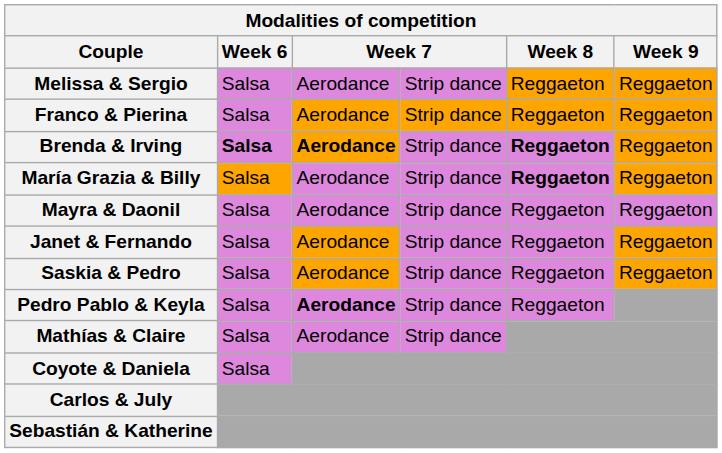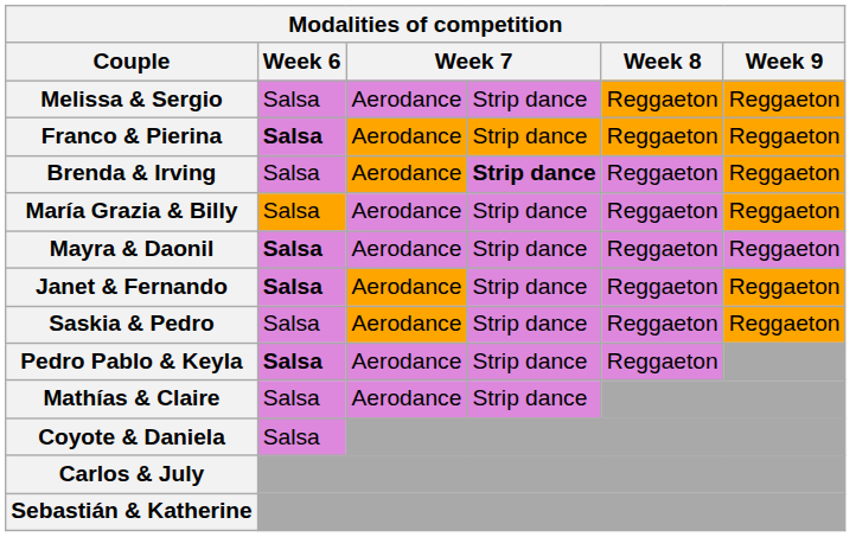 <table class="wikitable collapsible collapsed" style="text-align:left; font-size:85%; line-height:16px;">
 <tr>
 <th colspan=7>Modalities of competition</th>
 </tr>
 <tr>
 <th>Couple</th>
 <th>Week 6</th>
 <th colspan=2>Week 7</th>
 <th>Week 8</th>
 <th>Week 9</th>
 </tr>
 <tr>
 <th>Melissa & Sergio</th>
 <td style="background:#dd88dd;">Salsa<br></td>
 <td style="background:#dd88dd;">Aerodance</td>
 <td style="background:#dd88dd;">Strip dance</td>
 <td style="background:orange;">Reggaeton</td>
 <td style="background:orange;">Reggaeton</td>
 </tr>
 <tr>
 <th>Franco & Pierina</th>
-<td style="background:#dd88dd;">Salsa<br></td>
+<td style="background:#dd88dd;"><strong>Salsa<br></strong></td>
 <td style="background:orange;">Aerodance</td>
 <td style="background:orange;">Strip dance</td>
 <td style="background:orange;">Reggaeton</td>
 <td style="background:orange;">Reggaeton</td>
 </tr>
 <tr>
 <th>Brenda & Irving</th>
-<td style="background:#dd88dd;"><strong>Salsa<br></strong></td>
-<td style="background:orange;"><strong>Aerodance</strong></td>
-<td style="background:#dd88dd;">Strip dance</td>
-<td style="background:#dd88dd;"><strong>Reggaeton</strong></td>
+<td style="background:#dd88dd;">Salsa<br></td>
+<td style="background:orange;">Aerodance</td>
+<td style="background:#dd88dd;"><strong>Strip dance</strong></td>
+<td style="background:#dd88dd;">Reggaeton</td>
 <td style="background:orange;">Reggaeton</td>
 </tr>
 <tr>
 <th>María Grazia & Billy</th>
 <td style="background:orange;">Salsa<br></td>
 <td style="background:#dd88dd;">Aerodance</td>
 <td style="background:#dd88dd;">Strip dance</td>
-<td style="background:#dd88dd;"><strong>Reggaeton</strong></td>
+<td style="background:#dd88dd;">Reggaeton</td>
 <td style="background:orange;">Reggaeton</td>
 </tr>
 <tr>
 <th>Mayra & Daonil</th>
-<td style="background:#dd88dd;">Salsa<br></td>
+<td style="background:#dd88dd;"><strong>Salsa<br></strong></td>
 <td style="background:#dd88dd;">Aerodance</td>
 <td style="background:#dd88dd;">Strip dance</td>
 <td style="background:#dd88dd;">Reggaeton</td>
 <td style="background:#dd88dd;">Reggaeton</td>
 </tr>
 <tr>
 <th>Janet & Fernando</th>
-<td style="background:#dd88dd;">Salsa<br></td>
+<td style="background:#dd88dd;"><strong>Salsa<br></strong></td>
 <td style="background:orange;">Aerodance</td>
 <td style="background:#dd88dd;">Strip dance</td>
 <td style="background:#dd88dd;">Reggaeton</td>
 <td style="background:orange;">Reggaeton</td>
 </tr>
 <tr>
 <th>Saskia & Pedro</th>
 <td style="background:#dd88dd;">Salsa<br></td>
 <td style="background:orange;">Aerodance</td>
 <td style="background:#dd88dd;">Strip dance</td>
 <td style="background:#dd88dd;">Reggaeton</td>
 <td style="background:orange;">Reggaeton</td>
 </tr>
 <tr>
 <th>Pedro Pablo & Keyla</th>
-<td style="background:#dd88dd;">Salsa<br></td>
-<td style="background:#dd88dd;"><strong>Aerodance</strong></td>
+<td style="background:#dd88dd;"><strong>Salsa<br></strong></td>
+<td style="background:#dd88dd;">Aerodance</td>
 <td style="background:#dd88dd;">Strip dance</td>
 <td style="background:#dd88dd;">Reggaeton</td>
 <td style="background:darkgrey;" colspan="2"></td>
 </tr>
 <tr>
 <th>Mathías & Claire</th>
 <td style="background:#dd88dd;">Salsa<br></td>
 <td style="background:#dd88dd;">Aerodance</td>
 <td style="background:#dd88dd;">Strip dance</td>
 <td style="background:darkgrey;" colspan="3"></td>
 </tr>
 <tr>
 <th>Coyote & Daniela</th>
 <td style="background:#dd88dd;">Salsa<br></td>
 <td style="background:darkgrey;" colspan="5"></td>
 </tr>
 <tr>
 <th>Carlos & July</th>
 <td style="background:darkgrey;" colspan="6"></td>
 </tr>
 <tr>
 <th>Sebastián & Katherine</th>
 <td style="background:darkgrey;" colspan="6"></td>
 </tr>
 </table>
